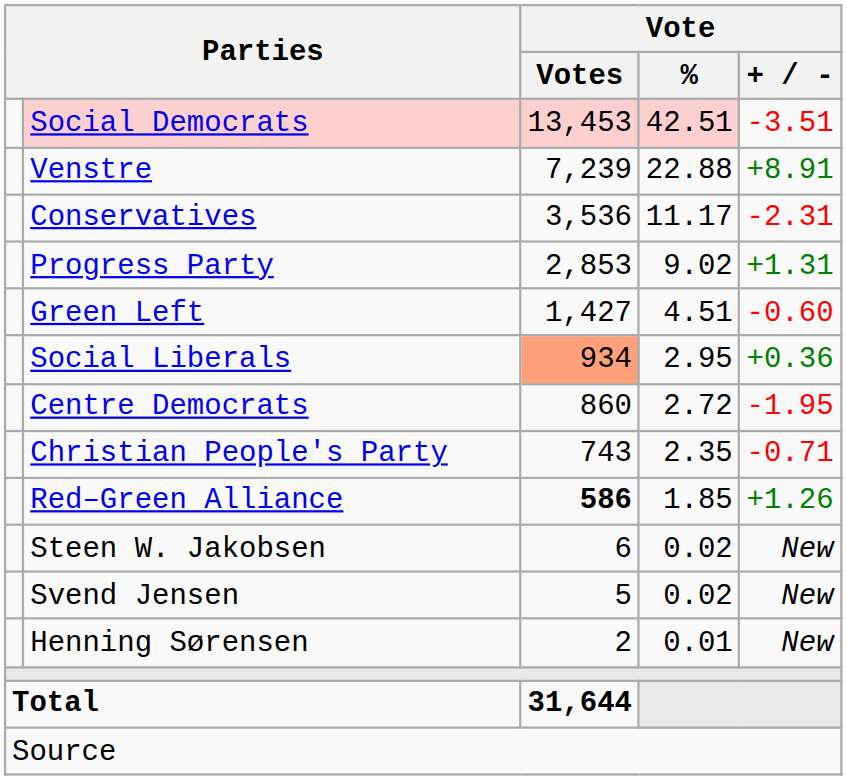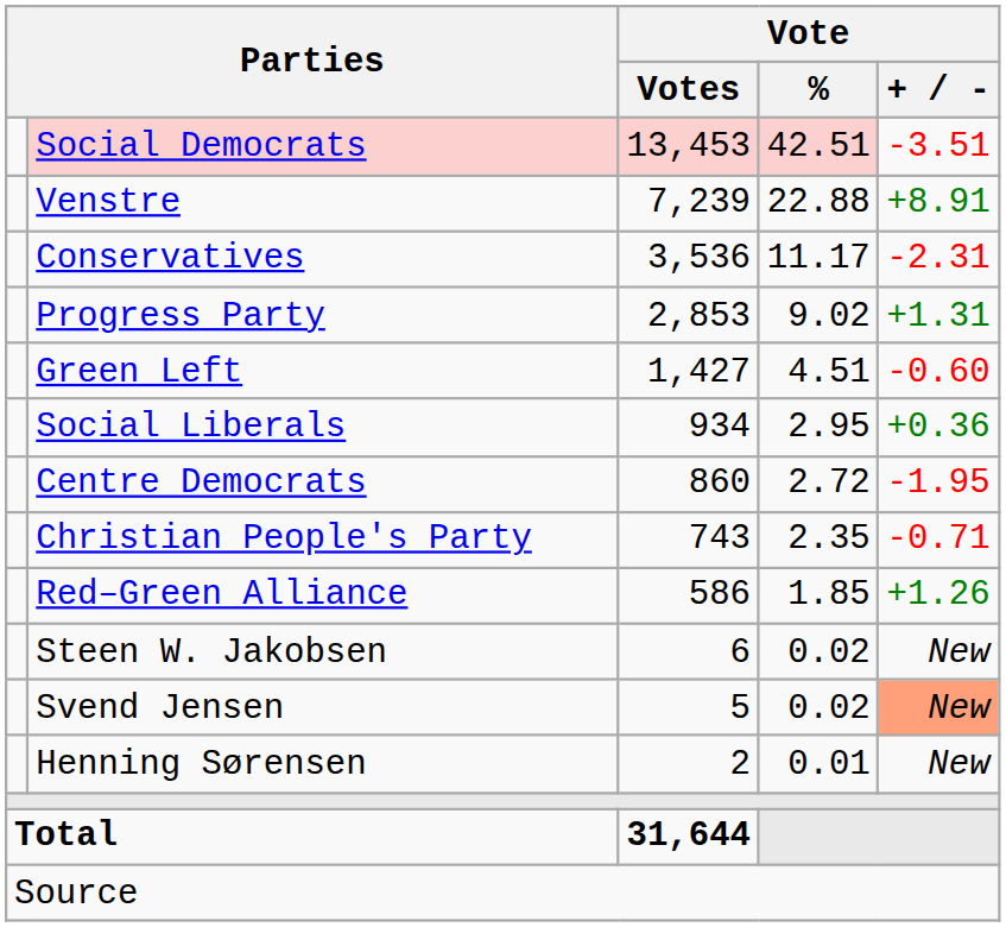 <table class="wikitable" style="text-align:right;">
 <tr>
 <th style="text-align:centre;" rowspan="2" colspan="2" width="225">Parties</th>
 <th colspan="3">Vote</th>
 </tr>
 <tr>
 <th width="15">Votes</th>
 <th width="15">%</th>
 <th width="15">+ / -</th>
 </tr>
 <tr>
 <td width="2" style="color:inherit;background:"></td>
 <td bgcolor=#fbd0ce  align="left"><a href='#'>Social Democrats</a></td>
 <td bgcolor=#fbd0ce>13,453</td>
 <td bgcolor=#fbd0ce>42.51</td>
 <td style=color:red;>-3.51</td>
 </tr>
 <tr>
 <td width="2" style="color:inherit;background:"></td>
 <td align="left"><a href='#'>Venstre</a></td>
 <td>7,239</td>
 <td>22.88</td>
 <td style=color:green;>+8.91</td>
 </tr>
 <tr>
 <td width="2" style="color:inherit;background:"></td>
 <td align="left"><a href='#'>Conservatives</a></td>
 <td>3,536</td>
 <td>11.17</td>
 <td style=color:red;>-2.31</td>
 </tr>
 <tr>
 <td width="2" style="color:inherit;background:"></td>
 <td align="left"><a href='#'>Progress Party</a></td>
 <td>2,853</td>
 <td>9.02</td>
 <td style=color:green;>+1.31</td>
 </tr>
 <tr>
 <td width="2" style="color:inherit;background:"></td>
 <td align="left"><a href='#'>Green Left</a></td>
 <td>1,427</td>
 <td>4.51</td>
 <td style=color:red;>-0.60</td>
 </tr>
 <tr>
 <td width="2" style="color:inherit;background:"></td>
 <td align="left"><a href='#'>Social Liberals</a></td>
-<td style="background: lightsalmon;">934</td>
+<td>934</td>
 <td>2.95</td>
 <td style=color:green;>+0.36</td>
 </tr>
 <tr>
 <td width="2" style="color:inherit;background:"></td>
 <td align="left"><a href='#'>Centre Democrats</a></td>
 <td>860</td>
 <td>2.72</td>
 <td style=color:red;>-1.95</td>
 </tr>
 <tr>
 <td width="2" style="color:inherit;background:"></td>
 <td align="left"><a href='#'>Christian People's Party</a></td>
 <td>743</td>
 <td>2.35</td>
 <td style=color:red;>-0.71</td>
 </tr>
 <tr>
 <td width="2" style="color:inherit;background:"></td>
 <td align="left"><a href='#'>Red–Green Alliance</a></td>
-<td><strong>586</strong></td>
+<td>586</td>
 <td>1.85</td>
 <td style=color:green;>+1.26</td>
 </tr>
 <tr>
 <td width="2" style="color:inherit;background:"></td>
 <td align="left">Steen W. Jakobsen</td>
 <td>6</td>
 <td>0.02</td>
 <td><em>New</em></td>
 </tr>
 <tr>
 <td width="2" style="color:inherit;background:"></td>
 <td align="left">Svend Jensen</td>
 <td>5</td>
 <td>0.02</td>
-<td><em>New</em></td>
+<td style="background: lightsalmon;"><em>New</em></td>
 </tr>
 <tr>
 <td width="2" style="color:inherit;background:"></td>
 <td align="left">Henning Sørensen</td>
 <td>2</td>
 <td>0.01</td>
 <td><em>New</em></td>
 </tr>
 <tr>
 <td colspan="7" bgcolor="#E9E9E9"></td>
 </tr>
 <tr>
 <td align="left" colspan="2"><strong>Total</strong></td>
 <td><strong>31,644</strong></td>
 <td bgcolor="#E9E9E9" colspan="2"></td>
 </tr>
 <tr>
 <td align="left" colspan="6">Source</td>
 </tr>
 </table>
